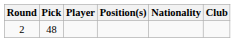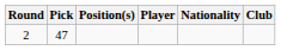 <table class="wikitable sortable sortable">
 <tr>
 <th>Round</th>
 <th>Pick</th>
+<th>Position(s)</th>
 <th>Player</th>
-<th>Position(s)</th>
 <th>Nationality</th>
 <th>Club</th>
 </tr>
 <tr style="text-align: center">
 <td>2</td>
-<td>48</td>
+<td>47</td>
 <td></td>
 <td></td>
 <td></td>
 <td></td>
 </tr>
 </table>
